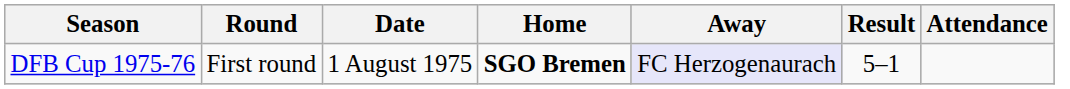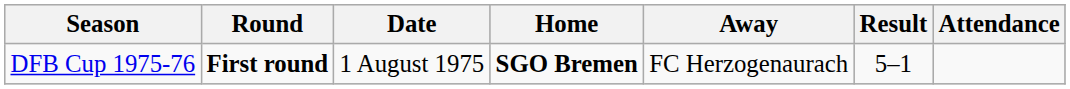 <table class="wikitable">
 <tr>
 <th>Season</th>
 <th>Round</th>
 <th>Date</th>
 <th>Home</th>
 <th>Away</th>
 <th>Result</th>
 <th>Attendance</th>
 </tr>
 <tr align="center">
 <td rowspan=2><a href='#'>DFB Cup 1975-76</a></td>
-<td>First round</td>
+<td><strong>First round</strong></td>
 <td>1 August 1975</td>
 <td><strong>SGO Bremen</strong></td>
-<td style="background: lavender;">FC Herzogenaurach</td>
+<td>FC Herzogenaurach</td>
 <td>5–1</td>
 <td></td>
 </tr>
 </table>
